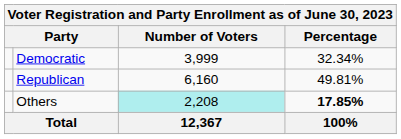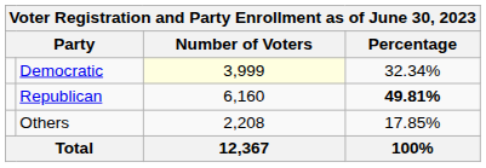 <table class=wikitable>
 <tr>
 <th colspan = 6>Voter Registration and Party Enrollment as of June 30, 2023</th>
 </tr>
 <tr>
 <th colspan = 2>Party</th>
 <th>Number of Voters</th>
 <th>Percentage</th>
 </tr>
 <tr>
 <td></td>
 <td><a href='#'>Democratic</a></td>
-<td align = center>3,999</td>
+<td align = center style="background: lightyellow;">3,999</td>
 <td align = center>32.34%</td>
 </tr>
 <tr>
 <td></td>
 <td><a href='#'>Republican</a></td>
 <td align = center>6,160</td>
-<td align = center>49.81%</td>
+<td align = center><strong>49.81%</strong></td>
 </tr>
 <tr>
 <td></td>
 <td>Others</td>
-<td align = center style="background: paleturquoise;">2,208</td>
-<td align = center><strong>17.85%</strong></td>
+<td align = center>2,208</td>
+<td align = center>17.85%</td>
 </tr>
 <tr>
 <th colspan = 2>Total</th>
 <th align = center>12,367</th>
 <th align = center>100%</th>
 </tr>
 </table>
